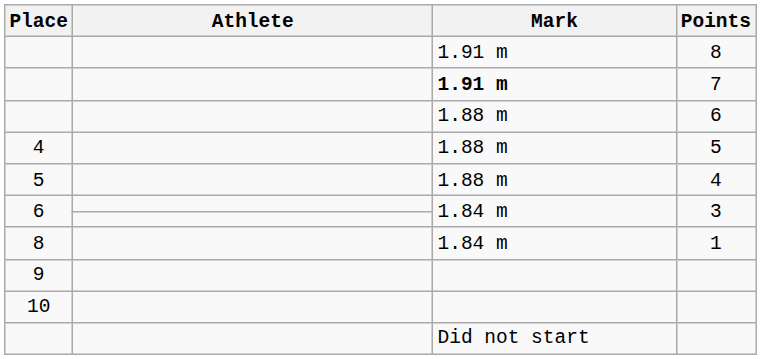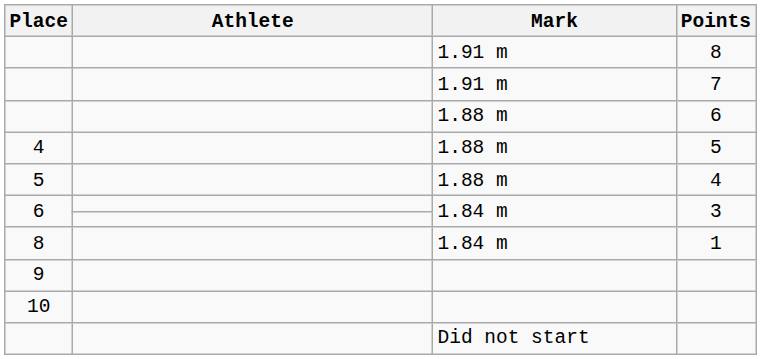 <table class=wikitable>
 <tr>
 <th>Place</th>
 <th style="width:18em">Athlete</th>
 <th style="width:12em">Mark</th>
 <th>Points</th>
 </tr>
 <tr>
 <td align=center></td>
 <td></td>
 <td>1.91 m</td>
 <td align=center>8</td>
 </tr>
 <tr>
 <td align=center></td>
 <td></td>
-<td><strong>1.91 m </strong></td>
+<td>1.91 m </td>
 <td align=center>7</td>
 </tr>
 <tr>
 <td align=center></td>
 <td></td>
 <td>1.88 m</td>
 <td align=center>6</td>
 </tr>
 <tr>
 <td align=center>4</td>
 <td></td>
 <td>1.88 m</td>
 <td align=center>5</td>
 </tr>
 <tr>
 <td align=center>5</td>
 <td></td>
 <td>1.88 m</td>
 <td align=center>4</td>
 </tr>
 <tr>
 <td align=center rowspan=2>6</td>
 <td></td>
 <td rowspan=2>1.84 m</td>
 <td rowspan=2 align=center>3</td>
 </tr>
 <tr>
 <td></td>
 </tr>
 <tr>
 <td align=center>8</td>
 <td></td>
 <td>1.84 m</td>
 <td align=center>1</td>
 </tr>
 <tr>
 <td align=center>9</td>
 <td></td>
 <td></td>
 <td></td>
 </tr>
 <tr>
 <td align=center>10</td>
 <td></td>
 <td></td>
 <td></td>
 </tr>
 <tr>
 <td align=center></td>
 <td></td>
 <td>Did not start</td>
 <td></td>
 </tr>
 </table>
